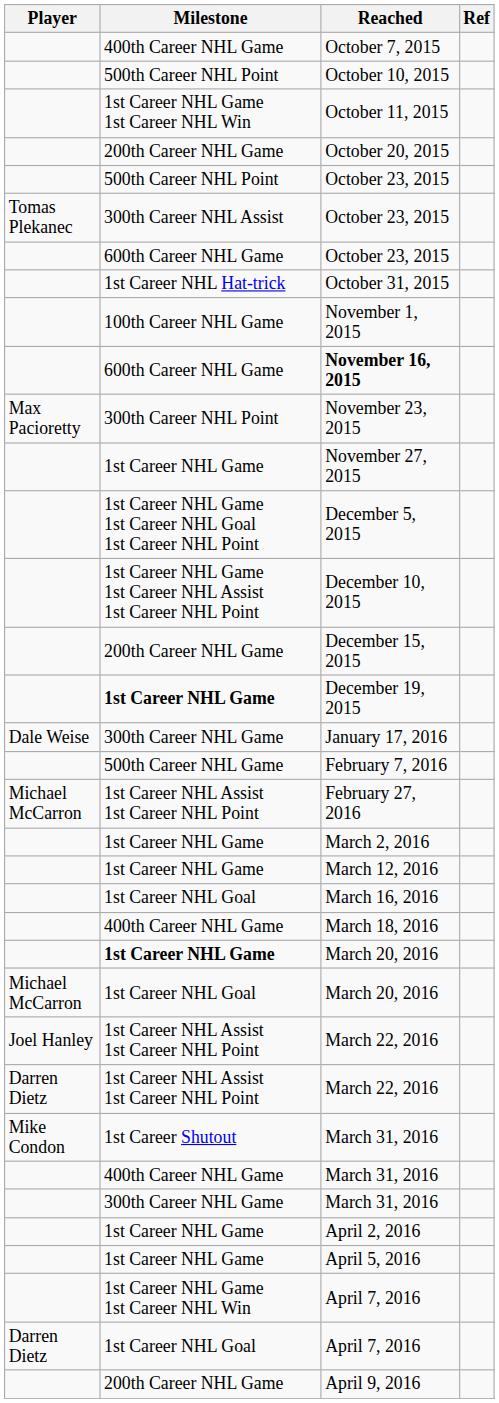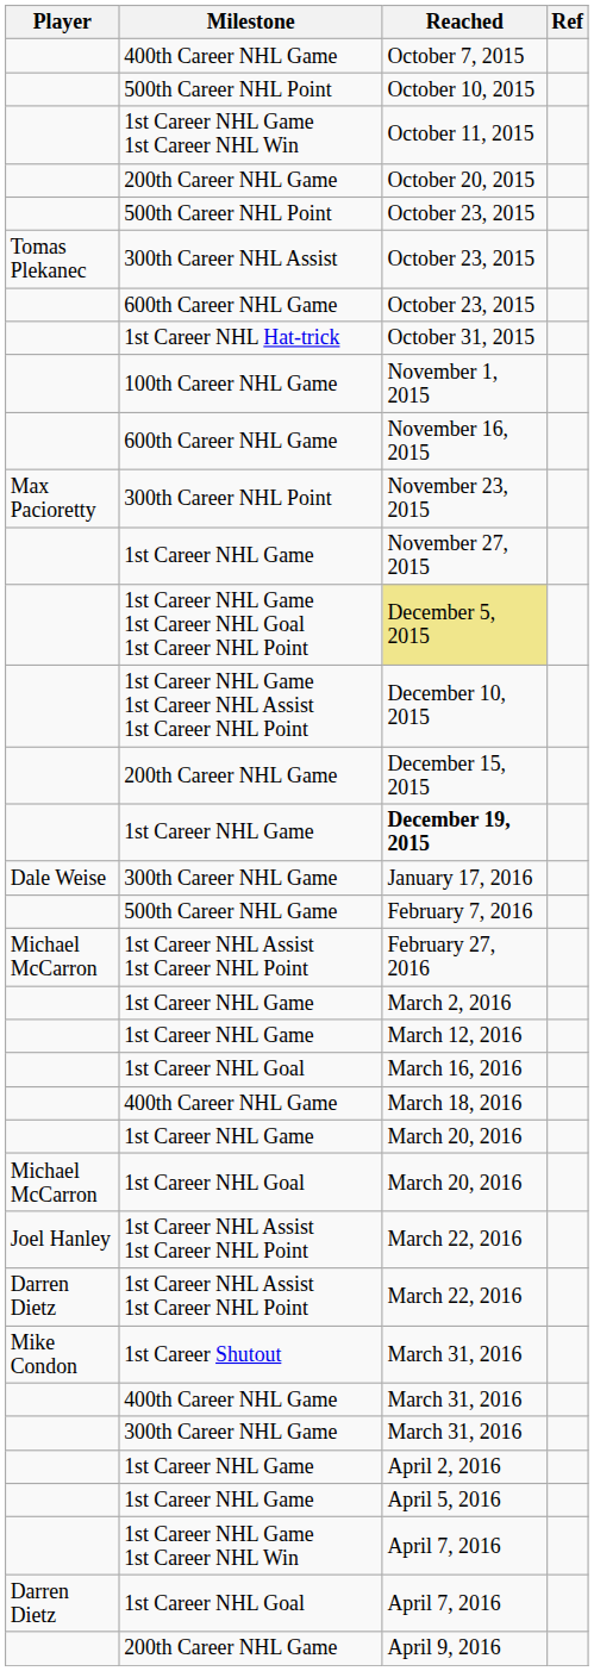 <table class="wikitable sortable" style="width:50%;">
 <tr align=center>
 <th style="width:20%;">Player</th>
 <th style="width:50%;">Milestone</th>
 <th style="width:30%;" data-sort-type="date">Reached</th>
 <th>Ref </th>
 </tr>
 <tr>
 <td></td>
 <td>400th Career NHL Game</td>
 <td>October 7, 2015</td>
 <td></td>
 </tr>
 <tr>
 <td></td>
 <td>500th Career NHL Point</td>
 <td>October 10, 2015</td>
 <td></td>
 </tr>
 <tr>
 <td></td>
 <td>1st Career NHL Game<br>1st Career NHL Win</td>
 <td>October 11, 2015</td>
 <td></td>
 </tr>
 <tr>
 <td></td>
 <td>200th Career NHL Game</td>
 <td>October 20, 2015</td>
 <td></td>
 </tr>
 <tr>
 <td></td>
 <td>500th Career NHL Point</td>
 <td>October 23, 2015</td>
 <td></td>
 </tr>
 <tr>
 <td>Tomas Plekanec</td>
 <td>300th Career NHL Assist</td>
 <td>October 23, 2015</td>
 <td></td>
 </tr>
 <tr>
 <td></td>
 <td>600th Career NHL Game</td>
 <td>October 23, 2015</td>
 <td></td>
 </tr>
 <tr>
 <td></td>
 <td>1st Career NHL <a href='#'>Hat-trick</a></td>
 <td>October 31, 2015</td>
 <td></td>
 </tr>
 <tr>
 <td></td>
 <td>100th Career NHL Game</td>
 <td>November 1, 2015</td>
 <td></td>
 </tr>
 <tr>
 <td></td>
 <td>600th Career NHL Game</td>
-<td><strong>November 16, 2015</strong></td>
+<td>November 16, 2015</td>
 <td></td>
 </tr>
 <tr>
 <td>Max Pacioretty</td>
 <td>300th Career NHL Point</td>
 <td>November 23, 2015</td>
 <td></td>
 </tr>
 <tr>
 <td></td>
 <td>1st Career NHL Game</td>
 <td>November 27, 2015</td>
 <td></td>
 </tr>
 <tr>
 <td></td>
 <td>1st Career NHL Game<br>1st Career NHL Goal<br>1st Career NHL Point</td>
-<td>December 5, 2015</td>
+<td style="background: khaki;">December 5, 2015</td>
 <td></td>
 </tr>
 <tr>
 <td></td>
 <td>1st Career NHL Game<br>1st Career NHL Assist<br>1st Career NHL Point</td>
 <td>December 10, 2015</td>
 <td></td>
 </tr>
 <tr>
 <td></td>
 <td>200th Career NHL Game</td>
 <td>December 15, 2015</td>
 <td></td>
 </tr>
 <tr>
 <td></td>
-<td><strong>1st Career NHL Game</strong></td>
-<td>December 19, 2015</td>
+<td>1st Career NHL Game</td>
+<td><strong>December 19, 2015</strong></td>
 <td></td>
 </tr>
 <tr>
 <td>Dale Weise</td>
 <td>300th Career NHL Game</td>
 <td>January 17, 2016</td>
 <td></td>
 </tr>
 <tr>
 <td></td>
 <td>500th Career NHL Game</td>
 <td>February 7, 2016</td>
 <td></td>
 </tr>
 <tr>
 <td>Michael McCarron</td>
 <td>1st Career NHL Assist<br>1st Career NHL Point</td>
 <td>February 27, 2016</td>
 <td></td>
 </tr>
 <tr>
 <td></td>
 <td>1st Career NHL Game</td>
 <td>March 2, 2016</td>
 <td></td>
 </tr>
 <tr>
 <td></td>
 <td>1st Career NHL Game</td>
 <td>March 12, 2016</td>
 <td></td>
 </tr>
 <tr>
 <td></td>
 <td>1st Career NHL Goal</td>
 <td>March 16, 2016</td>
 <td></td>
 </tr>
 <tr>
 <td></td>
 <td>400th Career NHL Game</td>
 <td>March 18, 2016</td>
 <td></td>
 </tr>
 <tr>
 <td></td>
-<td><strong>1st Career NHL Game</strong></td>
+<td>1st Career NHL Game</td>
 <td>March 20, 2016</td>
 <td></td>
 </tr>
 <tr>
 <td>Michael McCarron</td>
 <td>1st Career NHL Goal</td>
 <td>March 20, 2016</td>
 <td></td>
 </tr>
 <tr>
 <td>Joel Hanley</td>
 <td>1st Career NHL Assist<br>1st Career NHL Point</td>
 <td>March 22, 2016</td>
 <td></td>
 </tr>
 <tr>
 <td>Darren Dietz</td>
 <td>1st Career NHL Assist<br>1st Career NHL Point</td>
 <td>March 22, 2016</td>
 <td></td>
 </tr>
 <tr>
 <td>Mike Condon</td>
 <td>1st Career <a href='#'>Shutout</a></td>
 <td>March 31, 2016</td>
 <td></td>
 </tr>
 <tr>
 <td></td>
 <td>400th Career NHL Game</td>
 <td>March 31, 2016</td>
 <td></td>
 </tr>
 <tr>
 <td></td>
 <td>300th Career NHL Game</td>
 <td>March 31, 2016</td>
 <td></td>
 </tr>
 <tr>
 <td></td>
 <td>1st Career NHL Game</td>
 <td>April 2, 2016</td>
 <td></td>
 </tr>
 <tr>
 <td></td>
 <td>1st Career NHL Game</td>
 <td>April 5, 2016</td>
 <td></td>
 </tr>
 <tr>
 <td></td>
 <td>1st Career NHL Game<br>1st Career NHL Win</td>
 <td>April 7, 2016</td>
 <td></td>
 </tr>
 <tr>
 <td>Darren Dietz</td>
 <td>1st Career NHL Goal</td>
 <td>April 7, 2016</td>
 <td></td>
 </tr>
 <tr>
 <td></td>
 <td>200th Career NHL Game</td>
 <td>April 9, 2016</td>
 <td></td>
 </tr>
 </table>
